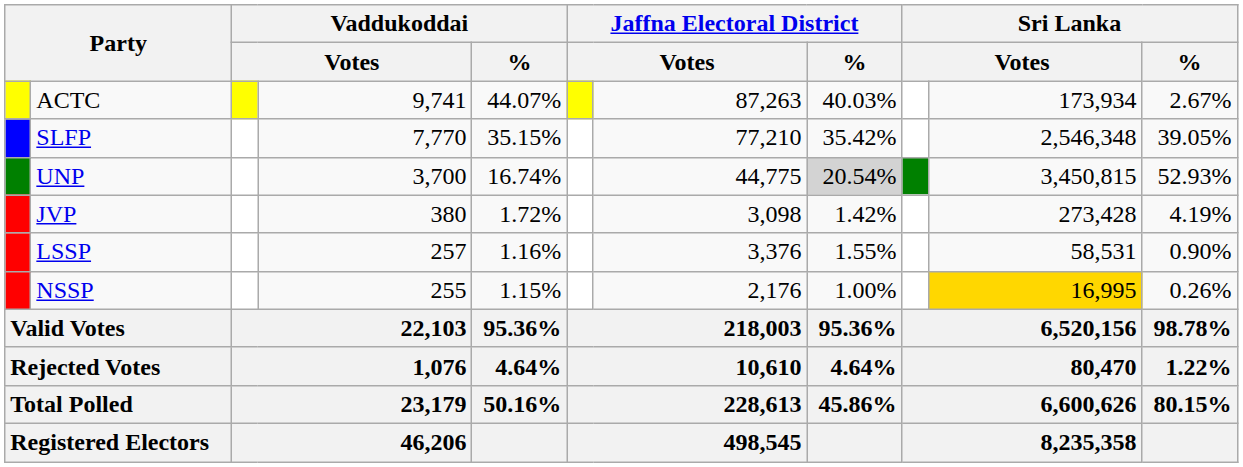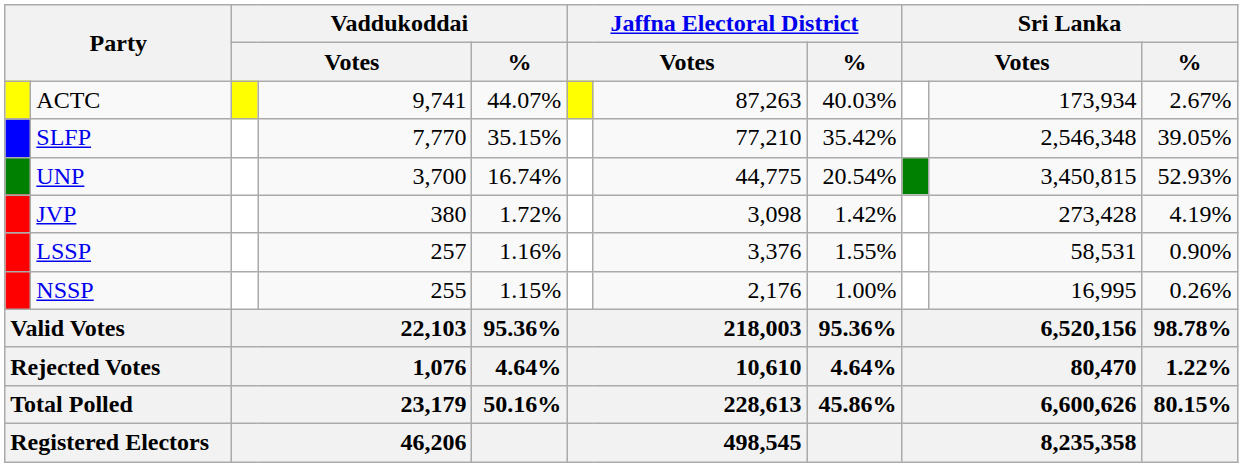 <table class="wikitable">
 <tr>
 <th colspan="2" width="144px"rowspan="2">Party</th>
 <th colspan="3" width="216px">Vaddukoddai</th>
 <th colspan="3" width="216px"><a href='#'>Jaffna Electoral District</a></th>
 <th colspan="3" width="216px">Sri Lanka</th>
 </tr>
 <tr>
 <th colspan="2" width="144px">Votes</th>
 <th>%</th>
 <th colspan="2" width="144px">Votes</th>
 <th>%</th>
 <th colspan="2" width="144px">Votes</th>
 <th>%</th>
 </tr>
 <tr>
 <td style="background-color:yellow;" width="10px"></td>
 <td style="text-align:left;">ACTC</td>
 <td style="background-color:yellow;" width="10px"></td>
 <td style="text-align:right;">9,741</td>
 <td style="text-align:right;">44.07%</td>
 <td style="background-color:yellow;" width="10px"></td>
 <td style="text-align:right;">87,263</td>
 <td style="text-align:right;">40.03%</td>
 <td style="background-color:white;" width="10px"></td>
 <td style="text-align:right;">173,934</td>
 <td style="text-align:right;">2.67%</td>
 </tr>
 <tr>
 <td style="background-color:blue;" width="10px"></td>
 <td style="text-align:left;"><a href='#'>SLFP</a></td>
 <td style="background-color:white;" width="10px"></td>
 <td style="text-align:right;">7,770</td>
 <td style="text-align:right;">35.15%</td>
 <td style="background-color:white;" width="10px"></td>
 <td style="text-align:right;">77,210</td>
 <td style="text-align:right;">35.42%</td>
 <td style="background-color:white;" width="10px"></td>
 <td style="text-align:right;">2,546,348</td>
 <td style="text-align:right;">39.05%</td>
 </tr>
 <tr>
 <td style="background-color:green;" width="10px"></td>
 <td style="text-align:left;"><a href='#'>UNP</a></td>
 <td style="background-color:white;" width="10px"></td>
 <td style="text-align:right;">3,700</td>
 <td style="text-align:right;">16.74%</td>
 <td style="background-color:white;" width="10px"></td>
 <td style="text-align:right;">44,775</td>
-<td style="background: lightgrey; text-align:right;">20.54%</td>
+<td style="text-align:right;">20.54%</td>
 <td style="background-color:green;" width="10px"></td>
 <td style="text-align:right;">3,450,815</td>
 <td style="text-align:right;">52.93%</td>
 </tr>
 <tr>
 <td style="background-color:red;" width="10px"></td>
 <td style="text-align:left;"><a href='#'>JVP</a></td>
 <td style="background-color:white;" width="10px"></td>
 <td style="text-align:right;">380</td>
 <td style="text-align:right;">1.72%</td>
 <td style="background-color:white;" width="10px"></td>
 <td style="text-align:right;">3,098</td>
 <td style="text-align:right;">1.42%</td>
 <td style="background-color:white;" width="10px"></td>
 <td style="text-align:right;">273,428</td>
 <td style="text-align:right;">4.19%</td>
 </tr>
 <tr>
 <td style="background-color:red;" width="10px"></td>
 <td style="text-align:left;"><a href='#'>LSSP</a></td>
 <td style="background-color:white;" width="10px"></td>
 <td style="text-align:right;">257</td>
 <td style="text-align:right;">1.16%</td>
 <td style="background-color:white;" width="10px"></td>
 <td style="text-align:right;">3,376</td>
 <td style="text-align:right;">1.55%</td>
 <td style="background-color:white;" width="10px"></td>
 <td style="text-align:right;">58,531</td>
 <td style="text-align:right;">0.90%</td>
 </tr>
 <tr>
 <td style="background-color:red;" width="10px"></td>
 <td style="text-align:left;"><a href='#'>NSSP</a></td>
 <td style="background-color:white;" width="10px"></td>
 <td style="text-align:right;">255</td>
 <td style="text-align:right;">1.15%</td>
 <td style="background-color:white;" width="10px"></td>
 <td style="text-align:right;">2,176</td>
 <td style="text-align:right;">1.00%</td>
 <td style="background-color:white;" width="10px"></td>
-<td style="background: gold; text-align:right;">16,995</td>
+<td style="text-align:right;">16,995</td>
 <td style="text-align:right;">0.26%</td>
 </tr>
 <tr>
 <th colspan="2" width="144px"style="text-align:left;">Valid Votes</th>
 <th style="text-align:right;"colspan="2" width="144px">22,103</th>
 <th style="text-align:right;">95.36%</th>
 <th style="text-align:right;"colspan="2" width="144px">218,003</th>
 <th style="text-align:right;">95.36%</th>
 <th style="text-align:right;"colspan="2" width="144px">6,520,156</th>
 <th style="text-align:right;">98.78%</th>
 </tr>
 <tr>
 <th colspan="2" width="144px"style="text-align:left;">Rejected Votes</th>
 <th style="text-align:right;"colspan="2" width="144px">1,076</th>
 <th style="text-align:right;">4.64%</th>
 <th style="text-align:right;"colspan="2" width="144px">10,610</th>
 <th style="text-align:right;">4.64%</th>
 <th style="text-align:right;"colspan="2" width="144px">80,470</th>
 <th style="text-align:right;">1.22%</th>
 </tr>
 <tr>
 <th colspan="2" width="144px"style="text-align:left;">Total Polled</th>
 <th style="text-align:right;"colspan="2" width="144px">23,179</th>
 <th style="text-align:right;">50.16%</th>
 <th style="text-align:right;"colspan="2" width="144px">228,613</th>
 <th style="text-align:right;">45.86%</th>
 <th style="text-align:right;"colspan="2" width="144px">6,600,626</th>
 <th style="text-align:right;">80.15%</th>
 </tr>
 <tr>
 <th colspan="2" width="144px"style="text-align:left;">Registered Electors</th>
 <th style="text-align:right;"colspan="2" width="144px">46,206</th>
 <th></th>
 <th style="text-align:right;"colspan="2" width="144px">498,545</th>
 <th></th>
 <th style="text-align:right;"colspan="2" width="144px">8,235,358</th>
 <th></th>
 </tr>
 </table>
